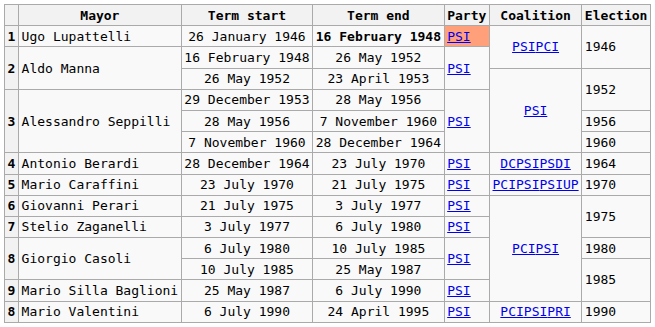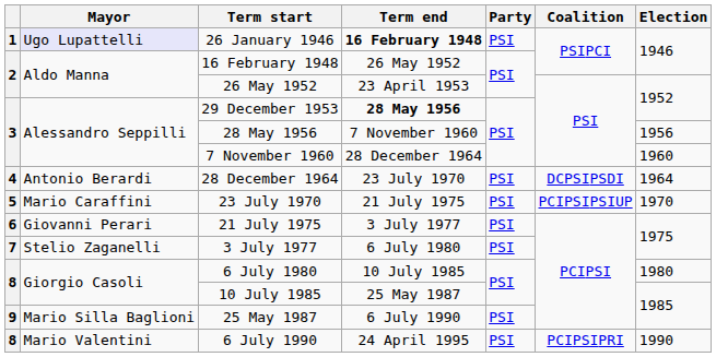 <table class="wikitable">
 <tr>
 <th class=unsortable> </th>
 <th>Mayor</th>
 <th>Term start</th>
 <th>Term end</th>
 <th>Party</th>
 <th>Coalition</th>
 <th>Election</th>
 </tr>
 <tr>
 <th style="background:">1</th>
-<td>Ugo Lupattelli</td>
+<td style="background: lavender;">Ugo Lupattelli</td>
 <td align=center>26 January 1946</td>
 <td align=center><strong>16 February 1948</strong></td>
-<td style="background: lightsalmon;"><a href='#'>PSI</a></td>
+<td><a href='#'>PSI</a></td>
 <td rowspan=2 align=center><a href='#'>PSI</a><a href='#'>PCI</a></td>
 <td rowspan=2>1946</td>
 </tr>
 <tr>
 <th rowspan=2 style="background:">2</th>
 <td rowspan=2>Aldo Manna</td>
 <td align=center>16 February 1948</td>
 <td align=center>26 May 1952</td>
 <td rowspan=2><a href='#'>PSI</a></td>
 </tr>
 <tr>
 <td align=center>26 May 1952</td>
 <td align=center>23 April 1953</td>
 <td align=center rowspan=4><a href='#'>PSI</a></td>
 <td rowspan=2>1952</td>
 </tr>
 <tr>
 <th rowspan=3 style="background:">3</th>
 <td rowspan=3>Alessandro Seppilli</td>
 <td align=center>29 December 1953</td>
-<td align=center>28 May 1956</td>
+<td align=center><strong>28 May 1956</strong></td>
 <td rowspan=3><a href='#'>PSI</a></td>
 </tr>
 <tr>
 <td align=center>28 May 1956</td>
 <td align=center>7 November 1960</td>
 <td>1956</td>
 </tr>
 <tr>
 <td align=center>7 November 1960</td>
 <td align=center>28 December 1964</td>
 <td>1960</td>
 </tr>
 <tr>
 <th style="background:">4</th>
 <td>Antonio Berardi</td>
 <td align=center>28 December 1964</td>
 <td align=center>23 July 1970</td>
 <td><a href='#'>PSI</a></td>
 <td align=center><a href='#'>DC</a><a href='#'>PSI</a><a href='#'>PSDI</a></td>
 <td>1964</td>
 </tr>
 <tr>
 <th style="background:">5</th>
 <td>Mario Caraffini</td>
 <td align=center>23 July 1970</td>
 <td align=center>21 July 1975</td>
 <td><a href='#'>PSI</a></td>
 <td align=center><a href='#'>PCI</a><a href='#'>PSI</a><a href='#'>PSIUP</a></td>
 <td>1970</td>
 </tr>
 <tr>
 <th style="background:">6</th>
 <td>Giovanni Perari</td>
 <td align=center>21 July 1975</td>
 <td align=center>3 July 1977</td>
 <td><a href='#'>PSI</a></td>
 <td rowspan=5 align=center><a href='#'>PCI</a><a href='#'>PSI</a></td>
 <td rowspan=2>1975</td>
 </tr>
 <tr>
 <th style="background:">7</th>
 <td>Stelio Zaganelli</td>
 <td align=center>3 July 1977</td>
 <td align=center>6 July 1980</td>
 <td><a href='#'>PSI</a></td>
 </tr>
 <tr>
 <th rowspan=2 style="background:">8</th>
 <td rowspan=2>Giorgio Casoli</td>
 <td align=center>6 July 1980</td>
 <td align=center>10 July 1985</td>
 <td rowspan=2><a href='#'>PSI</a></td>
 <td>1980</td>
 </tr>
 <tr>
 <td align=center>10 July 1985</td>
 <td align=center>25 May 1987</td>
 <td rowspan=2>1985</td>
 </tr>
 <tr>
 <th style="background:">9</th>
 <td>Mario Silla Baglioni</td>
 <td align=center>25 May 1987</td>
 <td align=center>6 July 1990</td>
 <td><a href='#'>PSI</a></td>
 </tr>
 <tr>
 <th style="background:">8</th>
 <td>Mario Valentini</td>
 <td align=center>6 July 1990</td>
 <td align=center>24 April 1995</td>
 <td><a href='#'>PSI</a></td>
 <td align=center><a href='#'>PCI</a><a href='#'>PSI</a><a href='#'>PRI</a></td>
 <td>1990</td>
 </tr>
 <tr>
 </tr>
 </table>
